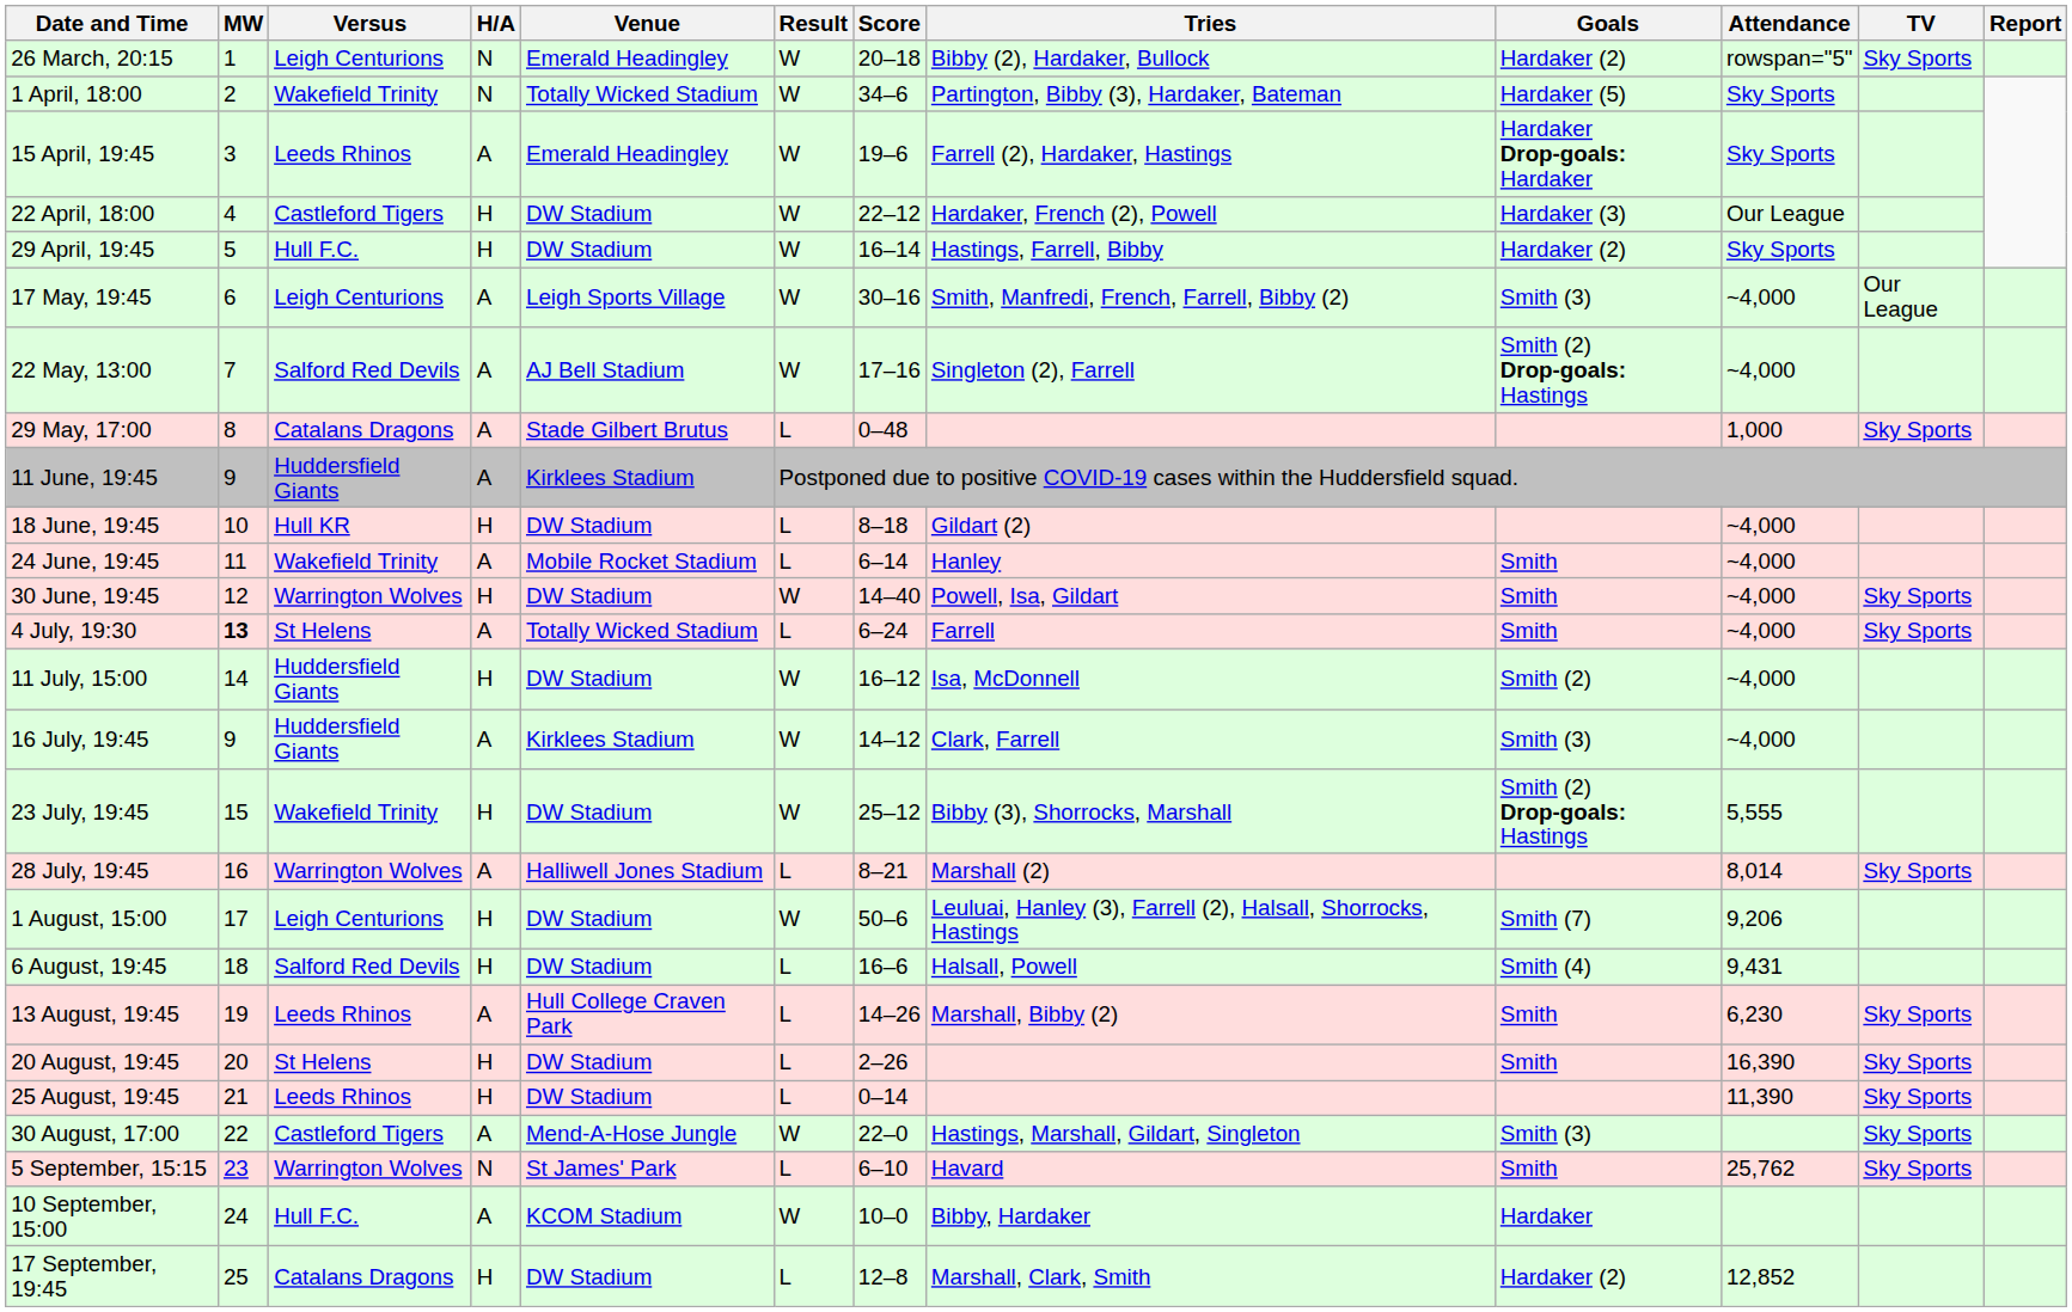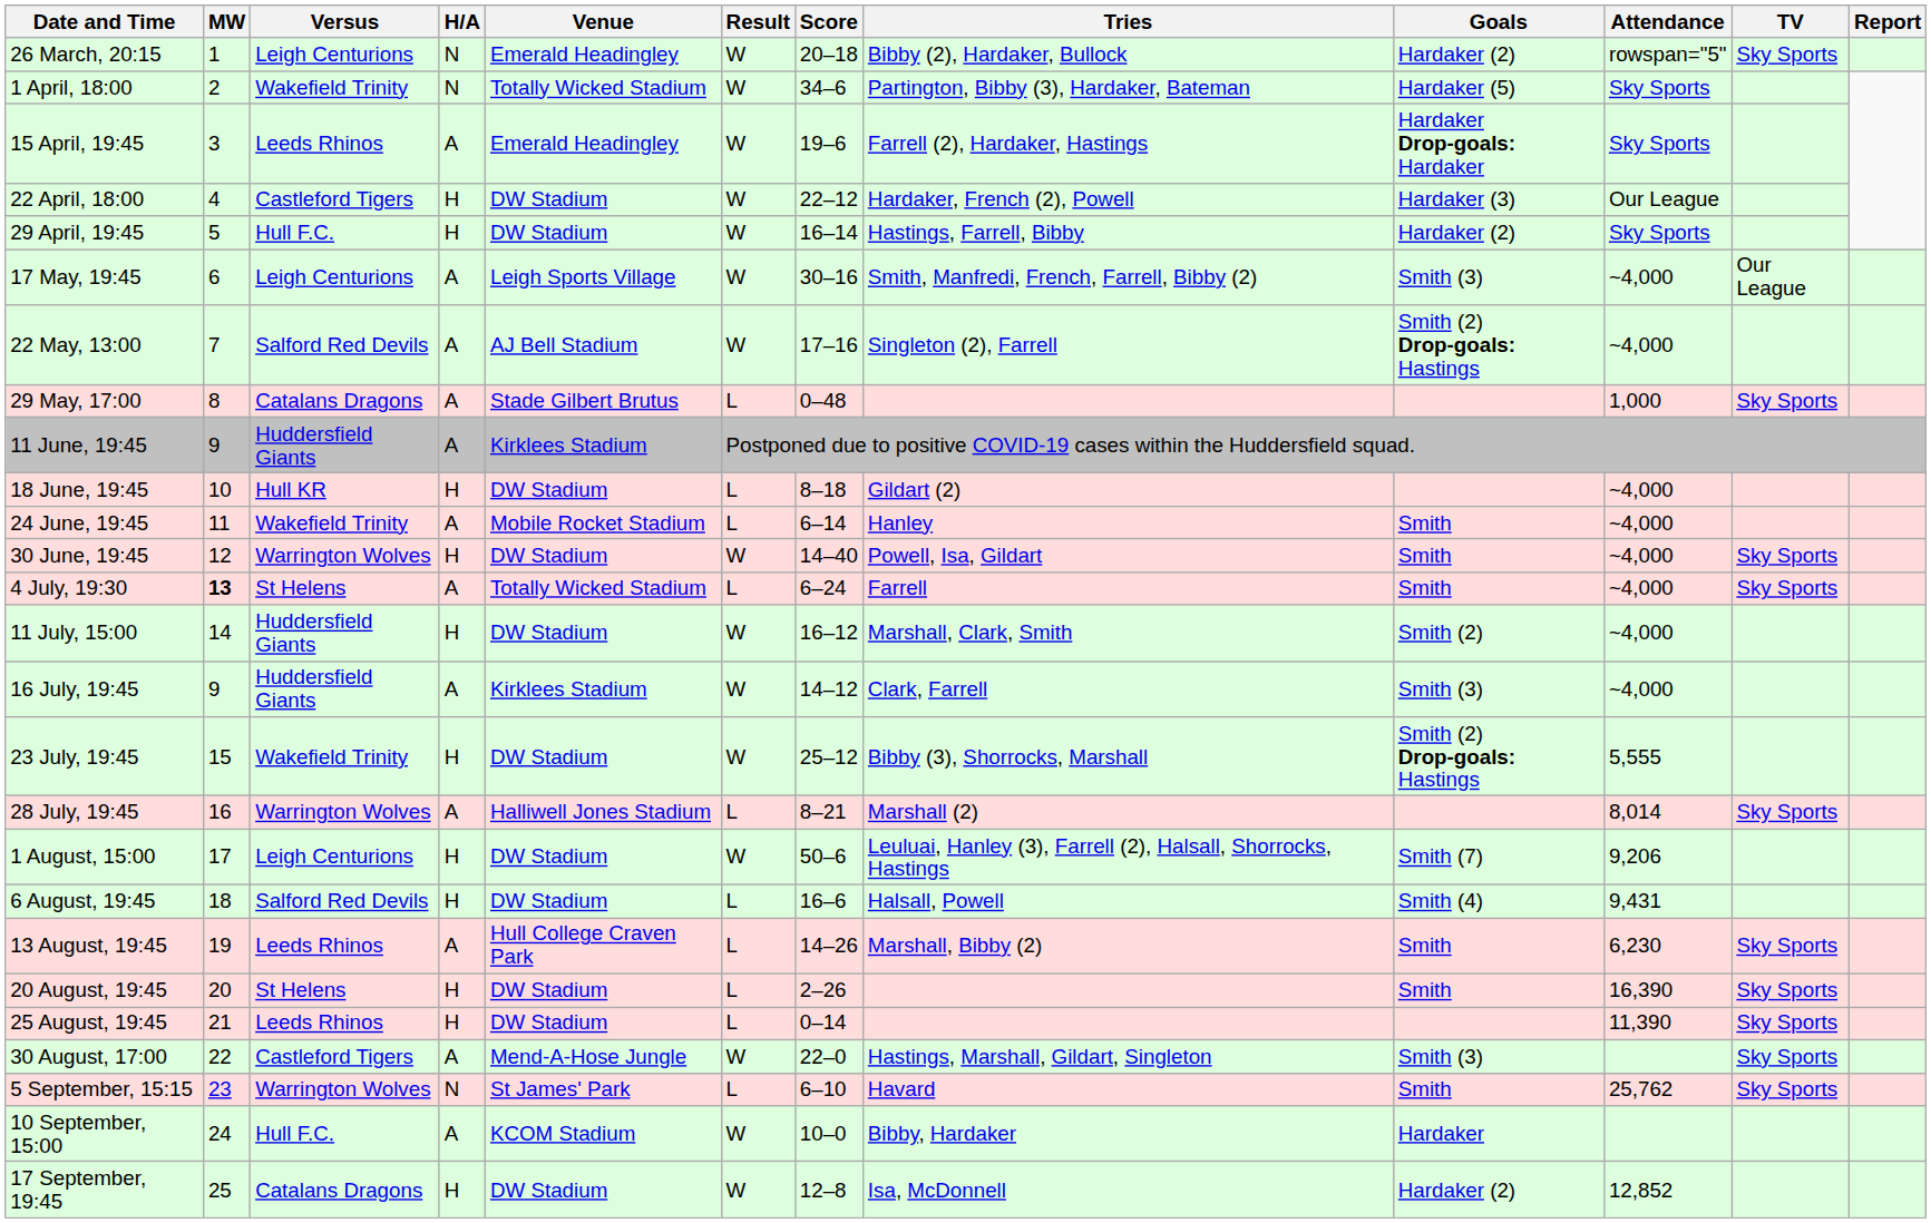 <table class="wikitable" style="font-size:85%;">
 <tr>
 <th>Date and Time</th>
 <th>MW</th>
 <th>Versus</th>
 <th>H/A</th>
 <th>Venue</th>
 <th>Result</th>
 <th>Score</th>
 <th>Tries</th>
 <th>Goals</th>
 <th>Attendance</th>
 <th>TV</th>
 <th>Report</th>
 </tr>
 <tr style="background:#ddffdd;">
 <td>26 March, 20:15</td>
 <td>1</td>
 <td> <a href='#'>Leigh Centurions</a></td>
 <td>N</td>
 <td><a href='#'>Emerald Headingley</a></td>
 <td>W</td>
 <td>20–18</td>
 <td><a href='#'>Bibby</a> (2), <a href='#'>Hardaker</a>, <a href='#'>Bullock</a></td>
 <td><a href='#'>Hardaker</a> (2)</td>
 <td>rowspan="5"</td>
 <td><a href='#'>Sky Sports</a></td>
 <td></td>
 </tr>
 <tr style="background:#ddffdd;">
 <td>1 April, 18:00</td>
 <td>2</td>
 <td> <a href='#'>Wakefield Trinity</a></td>
 <td>N</td>
 <td><a href='#'>Totally Wicked Stadium</a></td>
 <td>W</td>
 <td>34–6</td>
 <td><a href='#'>Partington</a>, <a href='#'>Bibby</a> (3), <a href='#'>Hardaker</a>, <a href='#'>Bateman</a></td>
 <td><a href='#'>Hardaker</a> (5)</td>
 <td><a href='#'>Sky Sports</a></td>
 <td></td>
 </tr>
 <tr style="background:#ddffdd;">
 <td>15 April, 19:45</td>
 <td>3</td>
 <td> <a href='#'>Leeds Rhinos</a></td>
 <td>A</td>
 <td><a href='#'>Emerald Headingley</a></td>
 <td>W</td>
 <td>19–6</td>
 <td><a href='#'>Farrell</a> (2), <a href='#'>Hardaker</a>, <a href='#'>Hastings</a></td>
 <td><a href='#'>Hardaker</a><br><strong>Drop-goals:</strong> <a href='#'>Hardaker</a></td>
 <td><a href='#'>Sky Sports</a></td>
 <td></td>
 </tr>
 <tr style="background:#ddffdd;">
 <td>22 April, 18:00</td>
 <td>4</td>
 <td> <a href='#'>Castleford Tigers</a></td>
 <td>H</td>
 <td><a href='#'>DW Stadium</a></td>
 <td>W</td>
 <td>22–12</td>
 <td><a href='#'>Hardaker</a>, <a href='#'>French</a> (2), <a href='#'>Powell</a></td>
 <td><a href='#'>Hardaker</a> (3)</td>
 <td>Our League</td>
 <td></td>
 </tr>
 <tr style="background:#ddffdd;">
 <td>29 April, 19:45</td>
 <td>5</td>
 <td> <a href='#'>Hull F.C.</a></td>
 <td>H</td>
 <td><a href='#'>DW Stadium</a></td>
 <td>W</td>
 <td>16–14</td>
 <td><a href='#'>Hastings</a>, <a href='#'>Farrell</a>, <a href='#'>Bibby</a></td>
 <td><a href='#'>Hardaker</a> (2)</td>
 <td><a href='#'>Sky Sports</a></td>
 <td></td>
 </tr>
 <tr style="background:#ddffdd;">
 <td>17 May, 19:45</td>
 <td>6</td>
 <td> <a href='#'>Leigh Centurions</a></td>
 <td>A</td>
 <td><a href='#'>Leigh Sports Village</a></td>
 <td>W</td>
 <td>30–16</td>
 <td><a href='#'>Smith</a>, <a href='#'>Manfredi</a>, <a href='#'>French</a>, <a href='#'>Farrell</a>, <a href='#'>Bibby</a> (2)</td>
 <td><a href='#'>Smith</a> (3)</td>
 <td>~4,000</td>
 <td>Our League</td>
 <td></td>
 </tr>
 <tr style="background:#ddffdd;">
 <td>22 May, 13:00</td>
 <td>7</td>
 <td> <a href='#'>Salford Red Devils</a></td>
 <td>A</td>
 <td><a href='#'>AJ Bell Stadium</a></td>
 <td>W</td>
 <td>17–16</td>
 <td><a href='#'>Singleton</a> (2), <a href='#'>Farrell</a></td>
 <td><a href='#'>Smith</a> (2)<br><strong>Drop-goals:</strong> <a href='#'>Hastings</a></td>
 <td>~4,000</td>
 <td></td>
 <td></td>
 </tr>
 <tr style="background:#ffdddd;">
 <td>29 May, 17:00</td>
 <td>8</td>
 <td> <a href='#'>Catalans Dragons</a></td>
 <td>A</td>
 <td><a href='#'>Stade Gilbert Brutus</a></td>
 <td>L</td>
 <td>0–48</td>
 <td></td>
 <td></td>
 <td>1,000</td>
 <td><a href='#'>Sky Sports</a></td>
 <td></td>
 </tr>
 <tr style="background:#C0C0C0;">
 <td>11 June, 19:45</td>
 <td>9</td>
 <td> <a href='#'>Huddersfield Giants</a></td>
 <td>A</td>
 <td><a href='#'>Kirklees Stadium</a></td>
 <td colspan="7">Postponed due to positive <a href='#'>COVID-19</a> cases within the Huddersfield squad.</td>
 </tr>
 <tr style="background:#ffdddd;">
 <td>18 June, 19:45</td>
 <td>10</td>
 <td> <a href='#'>Hull KR</a></td>
 <td>H</td>
 <td><a href='#'>DW Stadium</a></td>
 <td>L</td>
 <td>8–18</td>
 <td><a href='#'>Gildart</a> (2)</td>
 <td></td>
 <td>~4,000</td>
 <td></td>
 <td></td>
 </tr>
 <tr style="background:#ffdddd;">
 <td>24 June, 19:45</td>
 <td>11</td>
 <td> <a href='#'>Wakefield Trinity</a></td>
 <td>A</td>
 <td><a href='#'>Mobile Rocket Stadium</a></td>
 <td>L</td>
 <td>6–14</td>
 <td><a href='#'>Hanley</a></td>
 <td><a href='#'>Smith</a></td>
 <td>~4,000</td>
 <td></td>
 <td></td>
 </tr>
 <tr style="background:#ffdddd;">
 <td>30 June, 19:45</td>
 <td>12</td>
 <td> <a href='#'>Warrington Wolves</a></td>
 <td>H</td>
 <td><a href='#'>DW Stadium</a></td>
 <td>W</td>
 <td>14–40</td>
 <td><a href='#'>Powell</a>, <a href='#'>Isa</a>, <a href='#'>Gildart</a></td>
 <td><a href='#'>Smith</a></td>
 <td>~4,000</td>
 <td><a href='#'>Sky Sports</a></td>
 <td></td>
 </tr>
 <tr style="background:#ffdddd;">
 <td>4 July, 19:30</td>
 <td><strong>13</strong></td>
 <td> <a href='#'>St Helens</a></td>
 <td>A</td>
 <td><a href='#'>Totally Wicked Stadium</a></td>
 <td>L</td>
 <td>6–24</td>
 <td><a href='#'>Farrell</a></td>
 <td><a href='#'>Smith</a></td>
 <td>~4,000</td>
 <td><a href='#'>Sky Sports</a></td>
 <td></td>
 </tr>
 <tr style="background:#ddffdd;">
 <td>11 July, 15:00</td>
 <td>14</td>
 <td> <a href='#'>Huddersfield Giants</a></td>
 <td>H</td>
 <td><a href='#'>DW Stadium</a></td>
 <td>W</td>
 <td>16–12</td>
-<td><a href='#'>Isa</a>, <a href='#'>McDonnell</a></td>
+<td><a href='#'>Marshall</a>, <a href='#'>Clark</a>, <a href='#'>Smith</a></td>
 <td><a href='#'>Smith</a> (2)</td>
 <td>~4,000</td>
 <td></td>
 <td></td>
 </tr>
 <tr style="background:#ddffdd;">
 <td>16 July, 19:45</td>
 <td>9</td>
 <td> <a href='#'>Huddersfield Giants</a></td>
 <td>A</td>
 <td><a href='#'>Kirklees Stadium</a></td>
 <td>W</td>
 <td>14–12</td>
 <td><a href='#'>Clark</a>, <a href='#'>Farrell</a></td>
 <td><a href='#'>Smith</a> (3)</td>
 <td>~4,000</td>
 <td></td>
 <td></td>
 </tr>
 <tr style="background:#ddffdd;">
 <td>23 July, 19:45</td>
 <td>15</td>
 <td> <a href='#'>Wakefield Trinity</a></td>
 <td>H</td>
 <td><a href='#'>DW Stadium</a></td>
 <td>W</td>
 <td>25–12</td>
 <td><a href='#'>Bibby</a> (3), <a href='#'>Shorrocks</a>, <a href='#'>Marshall</a></td>
 <td><a href='#'>Smith</a> (2)<br><strong>Drop-goals:</strong> <a href='#'>Hastings</a></td>
 <td>5,555</td>
 <td></td>
 <td></td>
 </tr>
 <tr style="background:#ffdddd;">
 <td>28 July, 19:45</td>
 <td>16</td>
 <td> <a href='#'>Warrington Wolves</a></td>
 <td>A</td>
 <td><a href='#'>Halliwell Jones Stadium</a></td>
 <td>L</td>
 <td>8–21</td>
 <td><a href='#'>Marshall</a> (2)</td>
 <td></td>
 <td>8,014</td>
 <td><a href='#'>Sky Sports</a></td>
 <td></td>
 </tr>
 <tr style="background:#ddffdd;">
 <td>1 August, 15:00</td>
 <td>17</td>
 <td> <a href='#'>Leigh Centurions</a></td>
 <td>H</td>
 <td><a href='#'>DW Stadium</a></td>
 <td>W</td>
 <td>50–6</td>
 <td><a href='#'>Leuluai</a>, <a href='#'>Hanley</a> (3), <a href='#'>Farrell</a> (2), <a href='#'>Halsall</a>, <a href='#'>Shorrocks</a>, <a href='#'>Hastings</a></td>
 <td><a href='#'>Smith</a> (7)</td>
 <td>9,206</td>
 <td></td>
 <td></td>
 </tr>
 <tr style="background:#ddffdd;">
 <td>6 August, 19:45</td>
 <td>18</td>
 <td> <a href='#'>Salford Red Devils</a></td>
 <td>H</td>
 <td><a href='#'>DW Stadium</a></td>
 <td>L</td>
 <td>16–6</td>
 <td><a href='#'>Halsall</a>, <a href='#'>Powell</a></td>
 <td><a href='#'>Smith</a> (4)</td>
 <td>9,431</td>
 <td></td>
 <td></td>
 </tr>
 <tr style="background:#ffdddd;">
 <td>13 August, 19:45</td>
 <td>19</td>
 <td> <a href='#'>Leeds Rhinos</a></td>
 <td>A</td>
 <td><a href='#'>Hull College Craven Park</a></td>
 <td>L</td>
 <td>14–26</td>
 <td><a href='#'>Marshall</a>, <a href='#'>Bibby</a> (2)</td>
 <td><a href='#'>Smith</a></td>
 <td>6,230</td>
 <td><a href='#'>Sky Sports</a></td>
 <td></td>
 </tr>
 <tr style="background:#ffdddd;">
 <td>20 August, 19:45</td>
 <td>20</td>
 <td> <a href='#'>St Helens</a></td>
 <td>H</td>
 <td><a href='#'>DW Stadium</a></td>
 <td>L</td>
 <td>2–26</td>
 <td></td>
 <td><a href='#'>Smith</a></td>
 <td>16,390</td>
 <td><a href='#'>Sky Sports</a></td>
 <td></td>
 </tr>
 <tr style="background:#ffdddd;">
 <td>25 August, 19:45</td>
 <td>21</td>
 <td> <a href='#'>Leeds Rhinos</a></td>
 <td>H</td>
 <td><a href='#'>DW Stadium</a></td>
 <td>L</td>
 <td>0–14</td>
 <td></td>
 <td></td>
 <td>11,390</td>
 <td><a href='#'>Sky Sports</a></td>
 <td></td>
 </tr>
 <tr style="background:#ddffdd;">
 <td>30 August, 17:00</td>
 <td>22</td>
 <td> <a href='#'>Castleford Tigers</a></td>
 <td>A</td>
 <td><a href='#'>Mend-A-Hose Jungle</a></td>
 <td>W</td>
 <td>22–0</td>
 <td><a href='#'>Hastings</a>, <a href='#'>Marshall</a>, <a href='#'>Gildart</a>, <a href='#'>Singleton</a></td>
 <td><a href='#'>Smith</a> (3)</td>
 <td></td>
 <td><a href='#'>Sky Sports</a></td>
 <td></td>
 </tr>
 <tr style="background:#ffdddd;">
 <td>5 September, 15:15</td>
 <td><a href='#'>23</a></td>
 <td> <a href='#'>Warrington Wolves</a></td>
 <td>N</td>
 <td><a href='#'>St James' Park</a></td>
 <td>L</td>
 <td>6–10</td>
 <td><a href='#'>Havard</a></td>
 <td><a href='#'>Smith</a></td>
 <td>25,762</td>
 <td><a href='#'>Sky Sports</a></td>
 <td></td>
 </tr>
 <tr style="background:#ddffdd;">
 <td>10 September, 15:00</td>
 <td>24</td>
 <td> <a href='#'>Hull F.C.</a></td>
 <td>A</td>
 <td><a href='#'>KCOM Stadium</a></td>
 <td>W</td>
 <td>10–0</td>
 <td><a href='#'>Bibby</a>, <a href='#'>Hardaker</a></td>
 <td><a href='#'>Hardaker</a></td>
 <td></td>
 <td></td>
 <td></td>
 </tr>
 <tr style="background:#ddffdd;">
 <td>17 September, 19:45</td>
 <td>25</td>
 <td> <a href='#'>Catalans Dragons</a></td>
 <td>H</td>
 <td><a href='#'>DW Stadium</a></td>
-<td>L</td>
+<td>W</td>
 <td>12–8</td>
-<td><a href='#'>Marshall</a>, <a href='#'>Clark</a>, <a href='#'>Smith</a></td>
+<td><a href='#'>Isa</a>, <a href='#'>McDonnell</a></td>
 <td><a href='#'>Hardaker</a> (2)</td>
 <td>12,852</td>
 <td></td>
 <td></td>
 </tr>
 </table>
